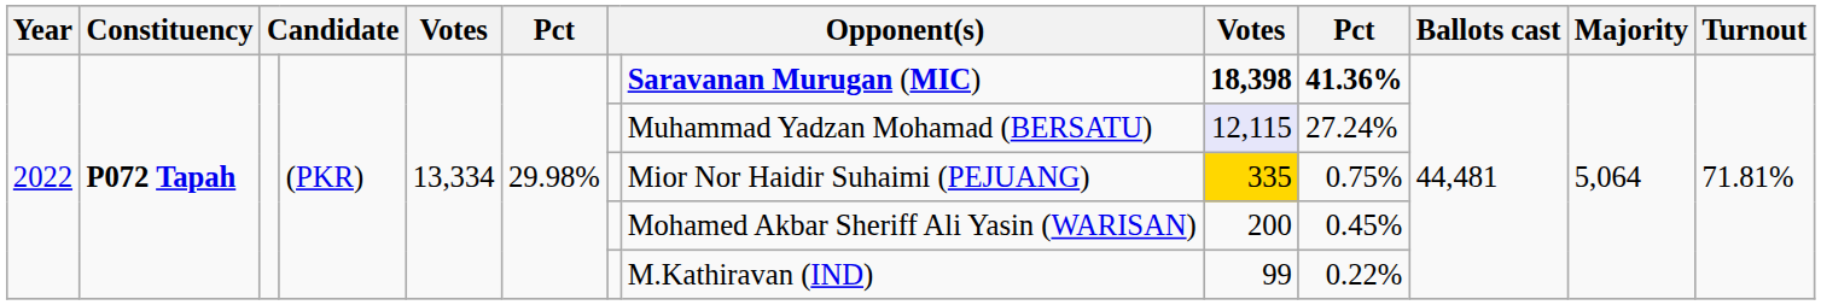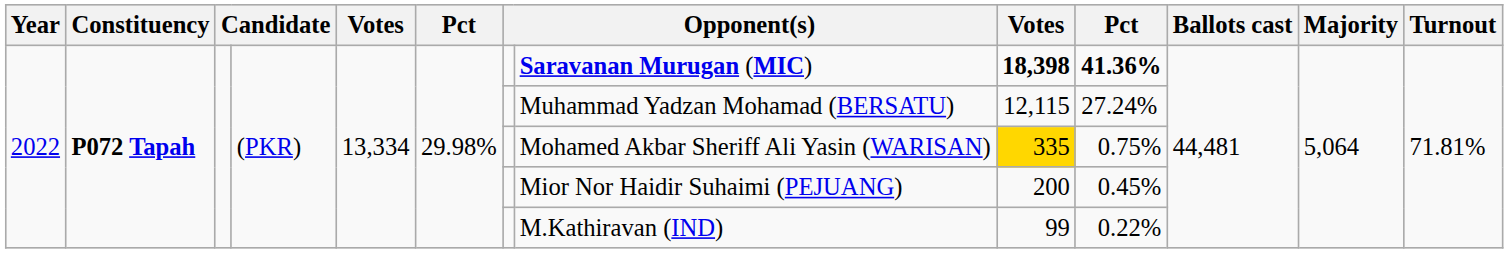 <table class="wikitable" style="margin:0.5em ; font-size:95%">
 <tr>
 <th>Year</th>
 <th>Constituency</th>
 <th colspan=2>Candidate</th>
 <th>Votes</th>
 <th>Pct</th>
 <th colspan=2>Opponent(s)</th>
 <th>Votes</th>
 <th>Pct</th>
 <th>Ballots cast</th>
 <th>Majority</th>
 <th>Turnout</th>
 </tr>
 <tr>
 <td rowspan=5><a href='#'>2022</a></td>
 <td rowspan=5><strong>P072 <a href='#'>Tapah</a></strong></td>
 <td rowspan=5 ></td>
 <td rowspan=5> (<a href='#'>PKR</a>)</td>
 <td rowspan=5 align=right>13,334</td>
 <td rowspan=5>29.98%</td>
 <td></td>
 <td><strong><a href='#'>Saravanan Murugan</a></strong> (<a href='#'><strong>MIC</strong></a>)</td>
 <td align=right><strong>18,398</strong></td>
 <td><strong>41.36%</strong></td>
 <td rowspan=5>44,481</td>
 <td rowspan=5>5,064</td>
 <td rowspan=5>71.81%</td>
 </tr>
 <tr>
 <td bgcolor=></td>
 <td>Muhammad Yadzan Mohamad (<a href='#'>BERSATU</a>)</td>
-<td align=right style="background: lavender;">12,115</td>
+<td align=right>12,115</td>
 <td>27.24%</td>
 </tr>
 <tr>
 <td bgcolor=></td>
-<td>Mior Nor Haidir Suhaimi (<a href='#'>PEJUANG</a>)</td>
+<td>Mohamed Akbar Sheriff Ali Yasin (<a href='#'>WARISAN</a>)</td>
 <td align=right style="background: gold;">335</td>
 <td align=right>0.75%</td>
 </tr>
 <tr>
 <td></td>
-<td>Mohamed Akbar Sheriff Ali Yasin (<a href='#'>WARISAN</a>)</td>
+<td>Mior Nor Haidir Suhaimi (<a href='#'>PEJUANG</a>)</td>
 <td align=right>200</td>
 <td align=right>0.45%</td>
 </tr>
 <tr>
 <td></td>
 <td>M.Kathiravan (<a href='#'>IND</a>)</td>
 <td align="right">99</td>
 <td align=right>0.22%</td>
 </tr>
 </table>
